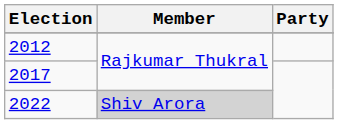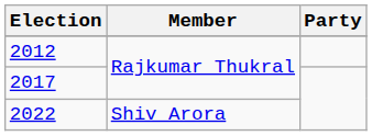 <table class="wikitable sortable">
 <tr>
 <th>Election</th>
 <th>Member</th>
 <th colspan=2>Party</th>
 </tr>
 <tr>
 </tr>
 <tr>
 </tr>
 <tr>
 </tr>
 <tr>
 </tr>
 <tr>
 <td><a href='#'>2012</a></td>
 <td rowspan=2><a href='#'>Rajkumar Thukral</a></td>
 <td></td>
 </tr>
 <tr>
 <td><a href='#'>2017</a></td>
 </tr>
 <tr>
 <td><a href='#'>2022</a></td>
-<td style="background: lightgrey;"><a href='#'>Shiv Arora</a></td>
+<td><a href='#'>Shiv Arora</a></td>
 </tr>
 </table>
